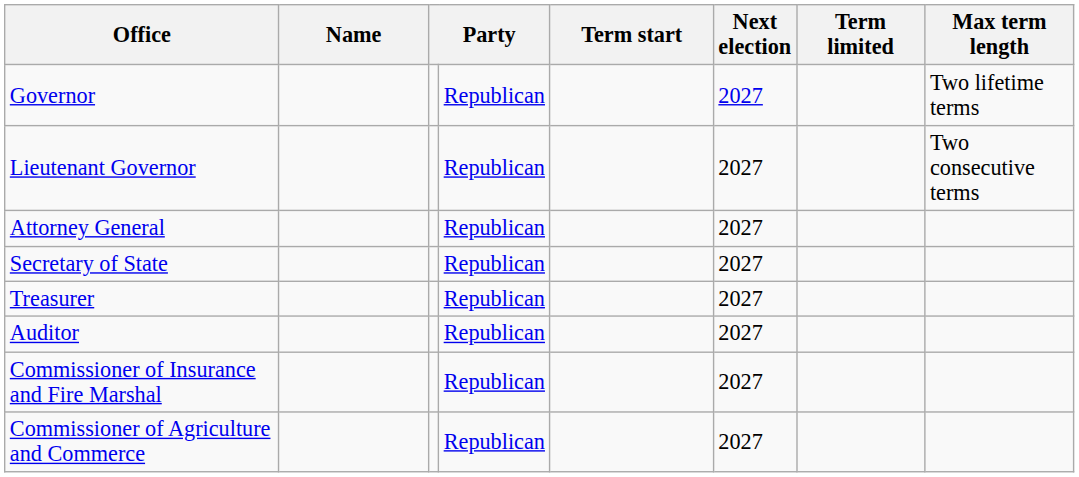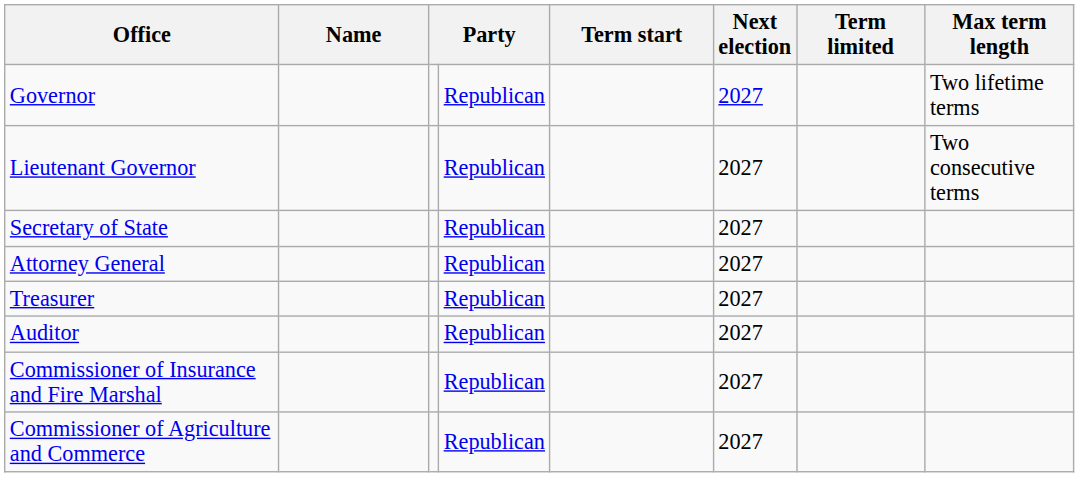 <table class="sortable wikitable">
 <tr>
 <th scope="col" width=190>Office</th>
 <th scope="col" width=100>Name</th>
 <th scope="col" width=75 colspan=2>Party</th>
 <th scope="col" width=110>Term start</th>
 <th scope="col" width=50>Next election</th>
 <th scope="col" width=85>Term limited</th>
 <th scope="col" width=100>Max term length</th>
 </tr>
 <tr>
 <td><a href='#'>Governor</a></td>
 <td></td>
 <td style="background-color:"></td>
 <td><a href='#'>Republican</a></td>
 <td></td>
 <td><a href='#'>2027</a></td>
 <td></td>
 <td>Two lifetime terms</td>
 </tr>
 <tr>
 <td><a href='#'>Lieutenant Governor</a></td>
 <td></td>
 <td style="background-color:"></td>
 <td><a href='#'>Republican</a></td>
 <td></td>
 <td>2027</td>
 <td></td>
 <td>Two consecutive terms</td>
 </tr>
 <tr>
-<td><a href='#'>Attorney General</a></td>
+<td><a href='#'>Secretary of State</a></td>
 <td></td>
 <td style="background-color:"></td>
 <td><a href='#'>Republican</a></td>
 <td></td>
 <td>2027</td>
 <td></td>
 <td></td>
 </tr>
 <tr>
-<td><a href='#'>Secretary of State</a></td>
+<td><a href='#'>Attorney General</a></td>
 <td></td>
 <td style="background-color:"></td>
 <td><a href='#'>Republican</a></td>
 <td></td>
 <td>2027</td>
 <td></td>
 <td></td>
 </tr>
 <tr>
 <td><a href='#'>Treasurer</a></td>
 <td></td>
 <td style="background-color:"></td>
 <td><a href='#'>Republican</a></td>
 <td></td>
 <td>2027</td>
 <td></td>
 <td></td>
 </tr>
 <tr>
 <td><a href='#'>Auditor</a></td>
 <td></td>
 <td style="background-color:"></td>
 <td><a href='#'>Republican</a></td>
 <td></td>
 <td>2027</td>
 <td></td>
 <td></td>
 </tr>
 <tr>
 <td><a href='#'>Commissioner of Insurance and Fire Marshal</a></td>
 <td></td>
 <td style="background-color:"></td>
 <td><a href='#'>Republican</a></td>
 <td></td>
 <td>2027</td>
 <td></td>
 <td></td>
 </tr>
 <tr>
 <td><a href='#'>Commissioner of Agriculture and Commerce</a></td>
 <td></td>
 <td style="background-color:"></td>
 <td><a href='#'>Republican</a></td>
 <td></td>
 <td>2027</td>
 <td></td>
 <td></td>
 </tr>
 </table>
